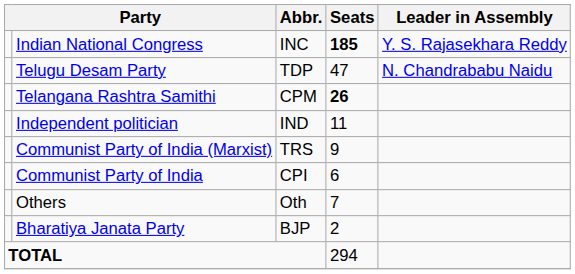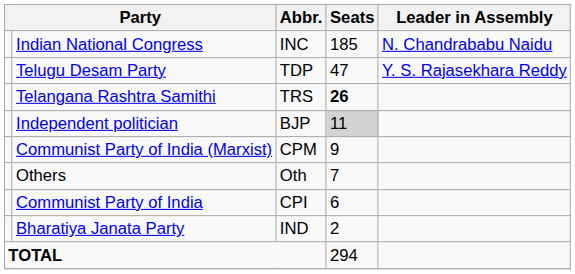 <table class="wikitable sortable">
 <tr>
 <th colspan=2>Party</th>
 <th>Abbr.</th>
 <th>Seats</th>
 <th>Leader in Assembly</th>
 </tr>
 <tr>
 <td></td>
 <td align=left><a href='#'>Indian National Congress</a></td>
 <td align=left>INC</td>
-<td><strong>185</strong></td>
-<td><a href='#'>Y. S. Rajasekhara Reddy</a></td>
+<td>185</td>
+<td><a href='#'>N. Chandrababu Naidu</a></td>
 </tr>
 <tr>
 <td></td>
 <td align=left><a href='#'>Telugu Desam Party</a></td>
 <td align=left>TDP</td>
 <td>47</td>
-<td><a href='#'>N. Chandrababu Naidu</a></td>
+<td><a href='#'>Y. S. Rajasekhara Reddy</a></td>
 </tr>
 <tr>
 <td></td>
 <td align=left><a href='#'>Telangana Rashtra Samithi</a></td>
-<td align=left>CPM</td>
+<td align=left>TRS</td>
 <td><strong>26</strong></td>
 <td></td>
 </tr>
 <tr>
 <td></td>
 <td align=left><a href='#'>Independent politician</a></td>
-<td align=left>IND</td>
-<td>11</td>
+<td align=left>BJP</td>
+<td style="background: lightgrey;">11</td>
 <td></td>
 </tr>
 <tr>
 <td></td>
 <td align=left><a href='#'>Communist Party of India (Marxist)</a></td>
-<td align=left>TRS</td>
+<td align=left>CPM</td>
 <td>9</td>
+<td></td>
+</tr>
+<tr>
+<td></td>
+<td align=left>Others</td>
+<td align=left>Oth</td>
+<td>7</td>
 <td></td>
 </tr>
 <tr>
 <td></td>
 <td align=left><a href='#'>Communist Party of India</a></td>
 <td align=left>CPI</td>
 <td>6</td>
 <td></td>
 </tr>
 <tr>
 <td></td>
-<td align=left>Others</td>
-<td align=left>Oth</td>
-<td>7</td>
-<td></td>
-</tr>
-<tr>
-<td></td>
 <td align=left><a href='#'>Bharatiya Janata Party</a></td>
-<td align=left>BJP</td>
+<td align=left>IND</td>
 <td>2</td>
 <td></td>
 </tr>
 <tr>
 <td colspan="3"><strong>TOTAL</strong></td>
 <td>294</td>
 <td></td>
 </tr>
 <tr>
 </tr>
 </table>
